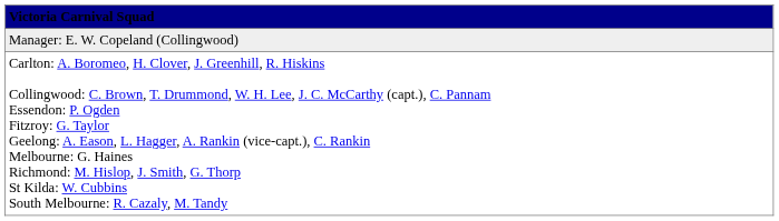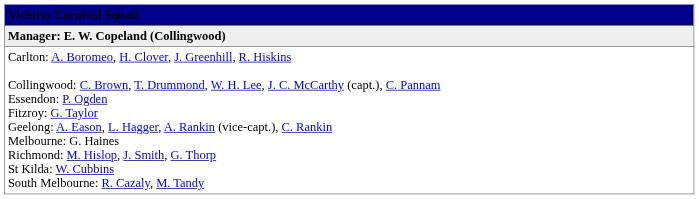 <table border="1" cellpadding="4" cellspacing="0"  style="text-align:left; font-size:100%; border-collapse:collapse; width:70%;">
 <tr style="background:darkblue;">
 <th colspan=2><span>Victoria Carnival Squad</span></th>
 </tr>
 <tr style="background:#efefef;">
-<td>Manager: E. W. Copeland (Collingwood)</td>
+<td><strong>Manager: E. W. Copeland (Collingwood)</strong></td>
 </tr>
 <tr>
 <td>Carlton: <a href='#'>A. Boromeo</a>, <a href='#'>H. Clover</a>, <a href='#'>J. Greenhill</a>, <a href='#'>R. Hiskins</a><br><br>Collingwood: <a href='#'>C. Brown</a>, <a href='#'>T. Drummond</a>, <a href='#'>W. H. Lee</a>, <a href='#'>J. C. McCarthy</a> (capt.), <a href='#'>C. Pannam</a><br> Essendon: <a href='#'>P. Ogden</a><br> Fitzroy: <a href='#'>G. Taylor</a><br> Geelong: <a href='#'>A. Eason</a>, <a href='#'>L. Hagger</a>, <a href='#'>A. Rankin</a> (vice-capt.), <a href='#'>C. Rankin</a><br> Melbourne: G. Haines<br> Richmond: <a href='#'>M. Hislop</a>, <a href='#'>J. Smith</a>, <a href='#'>G. Thorp</a><br> St Kilda: <a href='#'>W. Cubbins</a><br> South Melbourne: <a href='#'>R. Cazaly</a>, <a href='#'>M. Tandy</a></td>
 </tr>
 </table>
